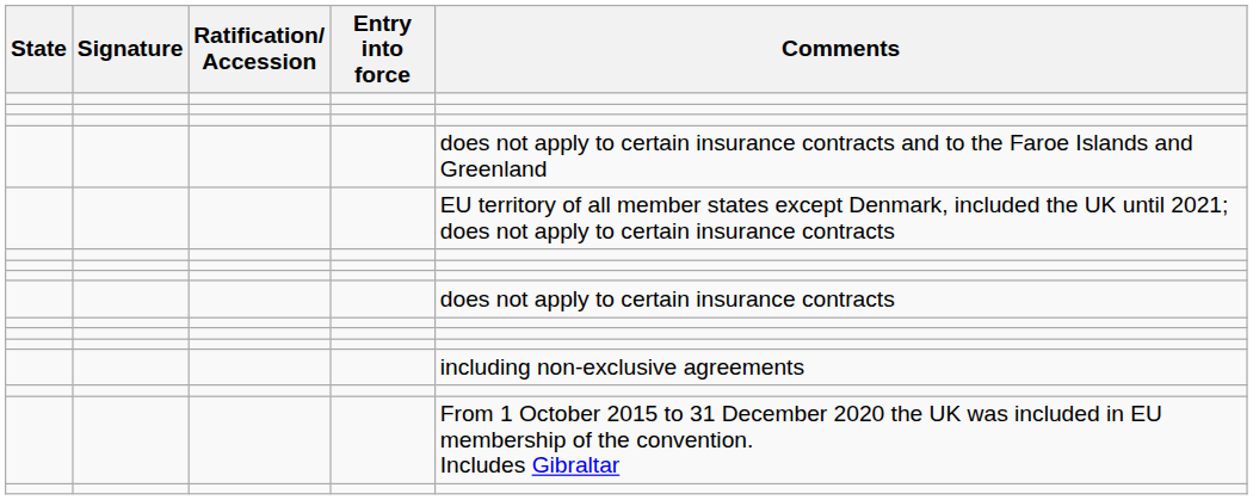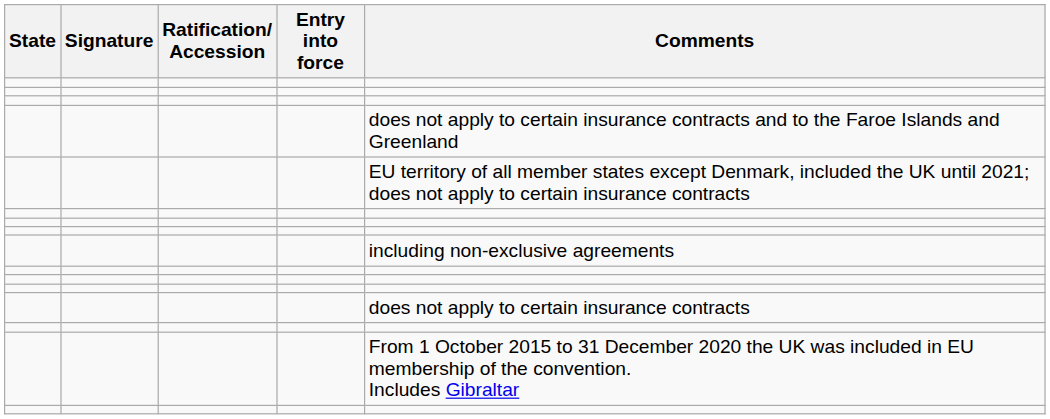 <table class="wikitable sortable">
 <tr>
 <th>State</th>
 <th>Signature</th>
 <th>Ratification/<br>Accession</th>
 <th>Entry into<br>force</th>
 <th>Comments</th>
 </tr>
 <tr>
 <td></td>
 <td></td>
 <td></td>
 <td></td>
 <td></td>
 </tr>
 <tr>
 <td></td>
 <td></td>
 <td></td>
 <td></td>
 <td></td>
 </tr>
 <tr>
 <td></td>
 <td></td>
 <td></td>
 <td></td>
 <td></td>
 </tr>
 <tr>
 <td></td>
 <td></td>
 <td></td>
 <td></td>
 <td>does not apply to certain insurance contracts and to the Faroe Islands and Greenland</td>
 </tr>
 <tr>
 <td></td>
 <td></td>
 <td></td>
 <td></td>
 <td>EU territory of all member states except Denmark, included the UK until 2021;<br>does not apply to certain insurance contracts</td>
 </tr>
 <tr>
 <td></td>
 <td></td>
 <td></td>
 <td></td>
 <td></td>
 </tr>
 <tr>
 <td></td>
 <td></td>
 <td></td>
 <td></td>
 <td></td>
 </tr>
 <tr>
 <td></td>
 <td></td>
 <td></td>
 <td></td>
 <td></td>
 </tr>
 <tr>
 <td></td>
 <td></td>
 <td></td>
 <td></td>
-<td>does not apply to certain insurance contracts</td>
+<td>including non-exclusive agreements</td>
 </tr>
 <tr>
 <td></td>
 <td></td>
 <td></td>
 <td></td>
 <td></td>
 </tr>
 <tr>
 <td></td>
 <td></td>
 <td></td>
 <td></td>
 <td></td>
 </tr>
 <tr>
 <td></td>
 <td></td>
 <td></td>
 <td></td>
 <td></td>
 </tr>
 <tr>
 <td></td>
 <td></td>
 <td></td>
 <td></td>
-<td>including non-exclusive agreements</td>
+<td>does not apply to certain insurance contracts</td>
 </tr>
 <tr>
 <td></td>
 <td></td>
 <td></td>
 <td></td>
 <td></td>
 </tr>
 <tr>
 <td></td>
 <td></td>
 <td></td>
 <td></td>
 <td>From 1 October 2015 to 31 December 2020 the UK was included in EU membership of the convention. <br>Includes <a href='#'>Gibraltar</a></td>
 </tr>
 <tr>
 <td></td>
 <td></td>
 <td></td>
 <td></td>
 <td></td>
 </tr>
 </table>
